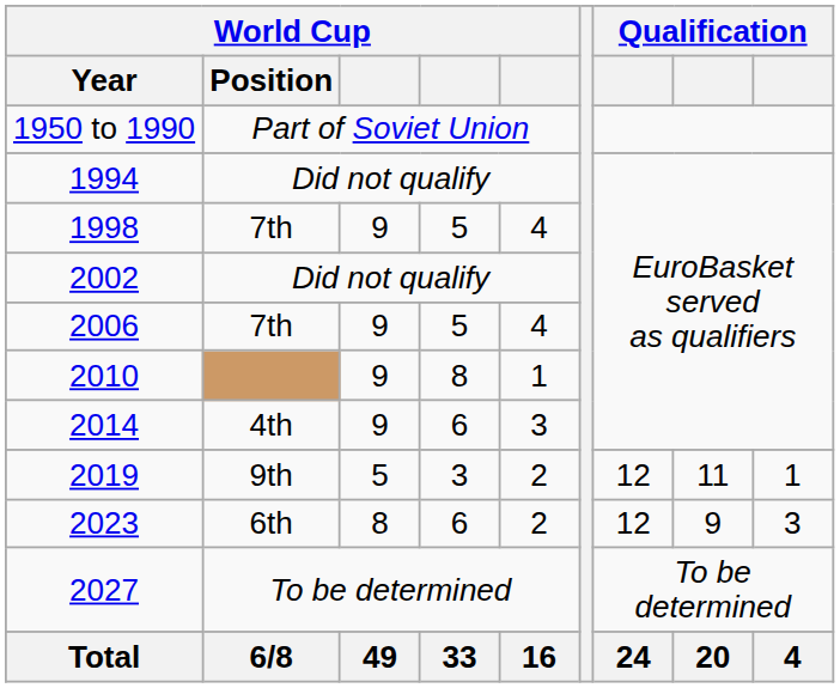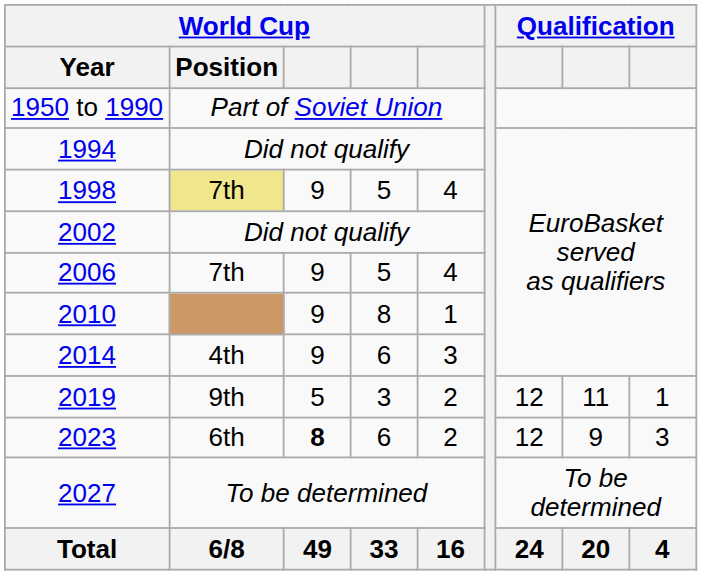 <table class="wikitable" style="text-align: center;font-size:90%;">
 <tr>
 <th colspan=5><a href='#'>World Cup</a></th>
 <th rowspan=13></th>
 <th colspan=3><a href='#'>Qualification</a></th>
 </tr>
 <tr>
 <th>Year</th>
 <th>Position</th>
 <th width=30></th>
 <th width=30></th>
 <th width=30></th>
 <th width=30></th>
 <th width=30></th>
 <th width=30></th>
 </tr>
 <tr>
 <td><a href='#'>1950</a> to <a href='#'>1990</a></td>
 <td colspan=4><em>Part of <a href='#'>Soviet Union</a></em></td>
 </tr>
 <tr>
 <td> <a href='#'>1994</a></td>
 <td colspan=4><em>Did not qualify</em></td>
 <td colspan=3 rowspan=6><em>EuroBasket served<br>as qualifiers</em></td>
 </tr>
 <tr>
 <td> <a href='#'>1998</a></td>
-<td>7th</td>
+<td style="background: khaki;">7th</td>
 <td>9</td>
 <td>5</td>
 <td>4</td>
 </tr>
 <tr>
 <td> <a href='#'>2002</a></td>
 <td colspan=4><em>Did not qualify</em></td>
 </tr>
 <tr>
 <td> <a href='#'>2006</a></td>
 <td>7th</td>
 <td>9</td>
 <td>5</td>
 <td>4</td>
 </tr>
 <tr>
 <td> <a href='#'>2010</a></td>
 <td bgcolor=#cc9966></td>
 <td>9</td>
 <td>8</td>
 <td>1</td>
 </tr>
 <tr>
 <td> <a href='#'>2014</a></td>
 <td>4th</td>
 <td>9</td>
 <td>6</td>
 <td>3</td>
 </tr>
 <tr>
 <td> <a href='#'>2019</a></td>
 <td>9th</td>
 <td>5</td>
 <td>3</td>
 <td>2</td>
 <td>12</td>
 <td>11</td>
 <td>1</td>
 </tr>
 <tr>
 <td> <a href='#'>2023</a></td>
 <td>6th</td>
-<td>8</td>
+<td><strong>8</strong></td>
 <td>6</td>
 <td>2</td>
 <td>12</td>
 <td>9</td>
 <td>3</td>
 </tr>
 <tr>
 <td> <a href='#'>2027</a></td>
 <td colspan=4><em>To be determined</em></td>
 <td colspan=3><em>To be determined</em></td>
 </tr>
 <tr>
 <th>Total</th>
 <th>6/8</th>
 <th>49</th>
 <th>33</th>
 <th>16</th>
 <th>24</th>
 <th>20</th>
 <th>4</th>
 </tr>
 </table>
